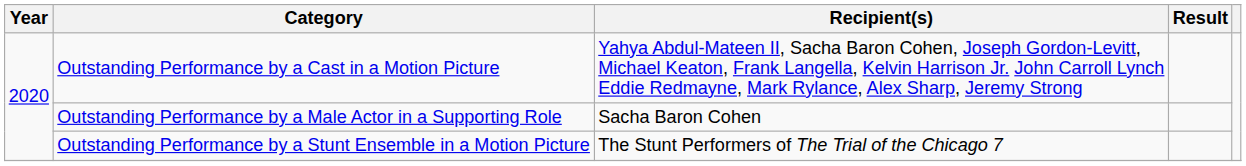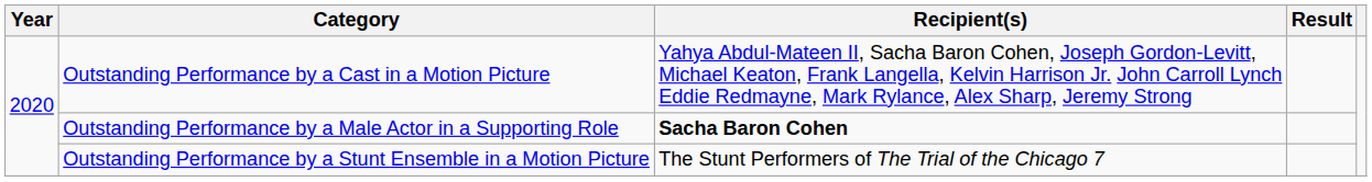 <table class="wikitable unsortable plainrowheaders">
 <tr>
 <th scope="col">Year</th>
 <th scope="col">Category</th>
 <th scope="col">Recipient(s)</th>
 <th scope="col">Result</th>
 <th scope="col" class="unsortable"></th>
 </tr>
 <tr>
 <td rowspan="3"><a href='#'>2020</a></td>
 <td><a href='#'>Outstanding Performance by a Cast in a Motion Picture</a></td>
 <td><a href='#'>Yahya Abdul-Mateen II</a>, Sacha Baron Cohen, <a href='#'>Joseph Gordon-Levitt</a>, <br> <a href='#'>Michael Keaton</a>, <a href='#'>Frank Langella</a>, <a href='#'>Kelvin Harrison Jr.</a> <a href='#'>John Carroll Lynch</a> <br> <a href='#'>Eddie Redmayne</a>, <a href='#'>Mark Rylance</a>, <a href='#'>Alex Sharp</a>, <a href='#'>Jeremy Strong</a></td>
 <td></td>
 <td rowspan="3" align="center"></td>
 </tr>
 <tr>
 <td><a href='#'>Outstanding Performance by a Male Actor in a Supporting Role</a></td>
-<td>Sacha Baron Cohen</td>
+<td><strong>Sacha Baron Cohen</strong></td>
 <td></td>
 </tr>
 <tr>
 <td><a href='#'>Outstanding Performance by a Stunt Ensemble in a Motion Picture</a></td>
 <td>The Stunt Performers of <em>The Trial of the Chicago 7</em></td>
 <td></td>
 </tr>
 <tr>
 </tr>
 </table>
